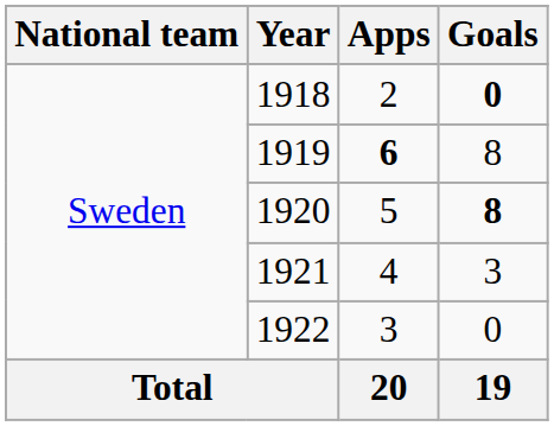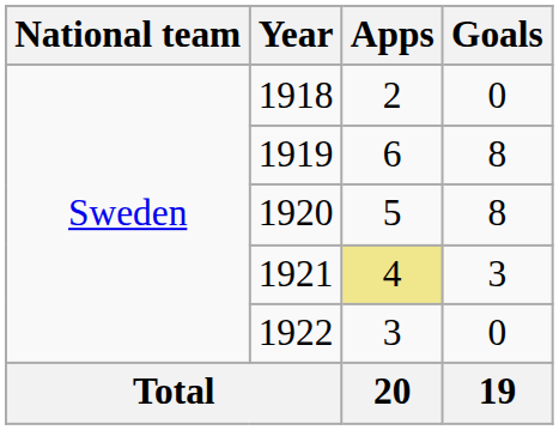 <table class="wikitable" style="text-align:center">
 <tr>
 <th>National team</th>
 <th>Year</th>
 <th>Apps</th>
 <th>Goals</th>
 </tr>
 <tr>
 <td rowspan="5"><a href='#'>Sweden</a></td>
 <td>1918</td>
 <td>2</td>
-<td><strong>0</strong></td>
+<td>0</td>
 </tr>
 <tr>
 <td>1919</td>
-<td><strong>6</strong></td>
+<td>6</td>
 <td>8</td>
 </tr>
 <tr>
 <td>1920</td>
 <td>5</td>
-<td><strong>8</strong></td>
+<td>8</td>
 </tr>
 <tr>
 <td>1921</td>
-<td>4</td>
+<td style="background: khaki;">4</td>
 <td>3</td>
 </tr>
 <tr>
 <td>1922</td>
 <td>3</td>
 <td>0</td>
 </tr>
 <tr>
 <th colspan="2">Total</th>
 <th>20</th>
 <th>19</th>
 </tr>
 </table>
